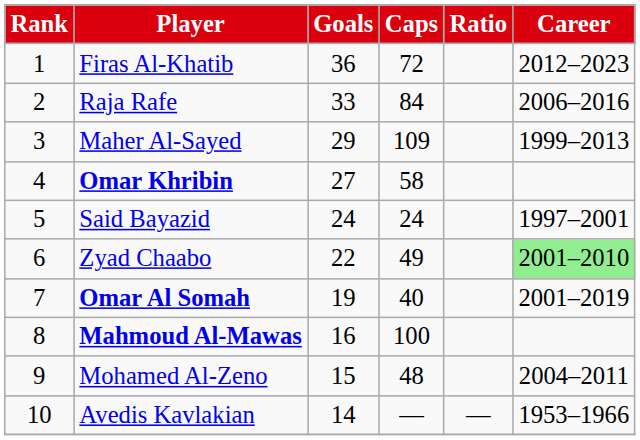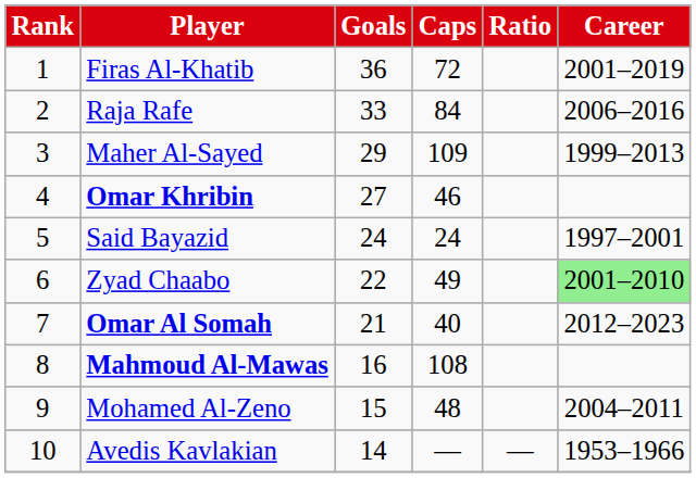 <table class="wikitable sortable" style="text-align:center">
 <tr>
 <th style="width=30; background:#db000d; color: #FFFFFF;">Rank</th>
 <th style="width=150; background:#db000d; color: #FFFFFF;">Player</th>
 <th style="width=50; background:#db000d; color: #FFFFFF;">Goals</th>
 <th style="width=50; background:#db000d; color: #FFFFFF;">Caps</th>
 <th style="width=50; background:#db000d; color: #FFFFFF;">Ratio</th>
 <th style="width=80; background:#db000d; color: #FFFFFF;">Career</th>
 </tr>
 <tr>
 <td>1</td>
 <td style="text-align:left"><a href='#'>Firas Al-Khatib</a></td>
 <td>36</td>
 <td>72</td>
 <td></td>
-<td>2012–2023</td>
+<td>2001–2019</td>
 </tr>
 <tr>
 <td>2</td>
 <td style="text-align:left"><a href='#'>Raja Rafe</a></td>
 <td>33</td>
 <td>84</td>
 <td></td>
 <td>2006–2016</td>
 </tr>
 <tr>
 <td>3</td>
 <td style="text-align:left"><a href='#'>Maher Al-Sayed</a></td>
 <td>29</td>
 <td>109</td>
 <td></td>
 <td>1999–2013</td>
 </tr>
 <tr>
 <td>4</td>
 <td style="text-align:left"><strong><a href='#'>Omar Khribin</a></strong></td>
 <td>27</td>
-<td>58</td>
+<td>46</td>
 <td></td>
 <td></td>
 </tr>
 <tr>
 <td>5</td>
 <td style="text-align:left"><a href='#'>Said Bayazid</a></td>
 <td>24</td>
 <td>24</td>
 <td></td>
 <td>1997–2001</td>
 </tr>
 <tr>
 <td>6</td>
 <td style="text-align:left"><a href='#'>Zyad Chaabo</a></td>
 <td>22</td>
 <td>49</td>
 <td></td>
 <td style="background: lightgreen;">2001–2010</td>
 </tr>
 <tr>
 <td>7</td>
 <td style="text-align:left"><strong><a href='#'>Omar Al Somah</a></strong></td>
-<td>19</td>
+<td>21</td>
 <td>40</td>
 <td></td>
-<td>2001–2019</td>
+<td>2012–2023</td>
 </tr>
 <tr>
 <td>8</td>
 <td style="text-align:left"><strong><a href='#'>Mahmoud Al-Mawas</a></strong></td>
 <td>16</td>
-<td>100</td>
+<td>108</td>
 <td></td>
 <td></td>
 </tr>
 <tr>
 <td>9</td>
 <td style="text-align:left"><a href='#'>Mohamed Al-Zeno</a></td>
 <td>15</td>
 <td>48</td>
 <td></td>
 <td>2004–2011</td>
 </tr>
 <tr>
 <td>10</td>
 <td style="text-align:left"><a href='#'>Avedis Kavlakian</a></td>
 <td>14</td>
 <td>—</td>
 <td>—</td>
 <td>1953–1966</td>
 </tr>
 <tr>
 </tr>
 </table>
